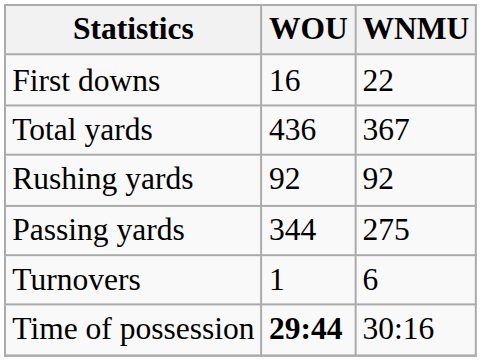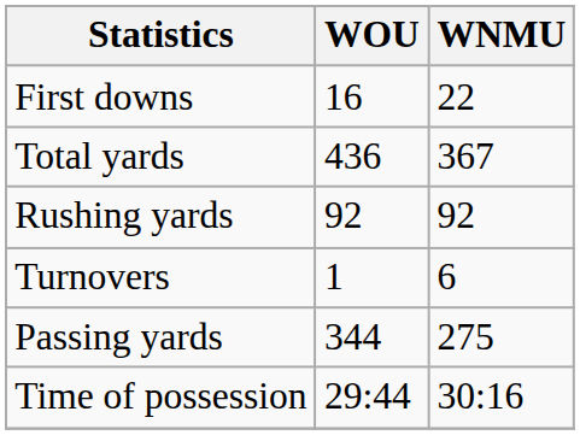 <table class="wikitable">
 <tr>
 <th>Statistics</th>
 <th>WOU</th>
 <th>WNMU</th>
 </tr>
 <tr>
 <td>First downs</td>
 <td>16</td>
 <td>22</td>
 </tr>
 <tr>
 <td>Total yards</td>
 <td>436</td>
 <td>367</td>
 </tr>
 <tr>
 <td>Rushing yards</td>
 <td>92</td>
 <td>92</td>
 </tr>
 <tr>
+<td>Turnovers</td>
+<td>1</td>
+<td>6</td>
+</tr>
+<tr>
 <td>Passing yards</td>
 <td>344</td>
 <td>275</td>
 </tr>
 <tr>
-<td>Turnovers</td>
-<td>1</td>
-<td>6</td>
-</tr>
-<tr>
 <td>Time of possession</td>
-<td><strong>29:44</strong></td>
+<td>29:44</td>
 <td>30:16</td>
 </tr>
 <tr>
 </tr>
 </table>
